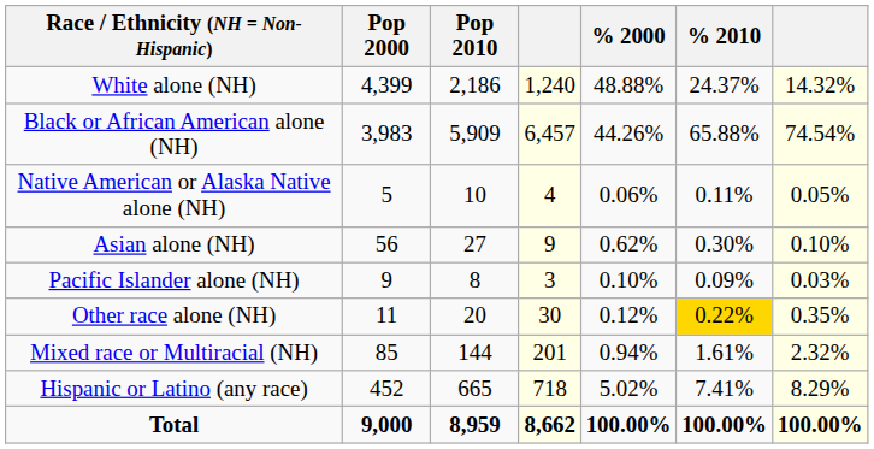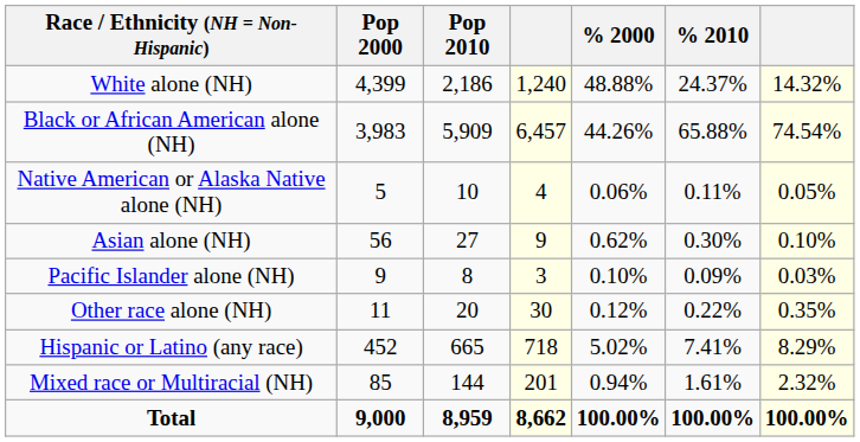 <table class="wikitable" style="text-align:center;">
 <tr>
 <th>Race / Ethnicity <small>(<em>NH = Non-Hispanic</em>)</small></th>
 <th>Pop 2000</th>
 <th>Pop 2010</th>
 <th></th>
 <th>% 2000</th>
 <th>% 2010</th>
 <th></th>
 </tr>
 <tr>
 <td><a href='#'>White</a> alone (NH)</td>
 <td>4,399</td>
 <td>2,186</td>
 <td style='background: #ffffe6;'>1,240</td>
 <td>48.88%</td>
 <td>24.37%</td>
 <td style='background: #ffffe6;'>14.32%</td>
 </tr>
 <tr>
 <td><a href='#'>Black or African American</a> alone (NH)</td>
 <td>3,983</td>
 <td>5,909</td>
 <td style='background: #ffffe6;'>6,457</td>
 <td>44.26%</td>
 <td>65.88%</td>
 <td style='background: #ffffe6;'>74.54%</td>
 </tr>
 <tr>
 <td><a href='#'>Native American</a> or <a href='#'>Alaska Native</a> alone (NH)</td>
 <td>5</td>
 <td>10</td>
 <td style='background: #ffffe6;'>4</td>
 <td>0.06%</td>
 <td>0.11%</td>
 <td style='background: #ffffe6;'>0.05%</td>
 </tr>
 <tr>
 <td><a href='#'>Asian</a> alone (NH)</td>
 <td>56</td>
 <td>27</td>
 <td style='background: #ffffe6;'>9</td>
 <td>0.62%</td>
 <td>0.30%</td>
 <td style='background: #ffffe6;'>0.10%</td>
 </tr>
 <tr>
 <td><a href='#'>Pacific Islander</a> alone (NH)</td>
 <td>9</td>
 <td>8</td>
 <td style='background: #ffffe6;'>3</td>
 <td>0.10%</td>
 <td>0.09%</td>
 <td style='background: #ffffe6;'>0.03%</td>
 </tr>
 <tr>
 <td><a href='#'>Other race</a> alone (NH)</td>
 <td>11</td>
 <td>20</td>
 <td style='background: #ffffe6;'>30</td>
 <td>0.12%</td>
-<td style="background: gold;">0.22%</td>
+<td>0.22%</td>
 <td style='background: #ffffe6;'>0.35%</td>
+</tr>
+<tr>
+<td><a href='#'>Hispanic or Latino</a> (any race)</td>
+<td>452</td>
+<td>665</td>
+<td style='background: #ffffe6;'>718</td>
+<td>5.02%</td>
+<td>7.41%</td>
+<td style='background: #ffffe6;'>8.29%</td>
 </tr>
 <tr>
 <td><a href='#'>Mixed race or Multiracial</a> (NH)</td>
 <td>85</td>
 <td>144</td>
 <td style='background: #ffffe6;'>201</td>
 <td>0.94%</td>
 <td>1.61%</td>
 <td style='background: #ffffe6;'>2.32%</td>
 </tr>
 <tr>
-<td><a href='#'>Hispanic or Latino</a> (any race)</td>
-<td>452</td>
-<td>665</td>
-<td style='background: #ffffe6;'>718</td>
-<td>5.02%</td>
-<td>7.41%</td>
-<td style='background: #ffffe6;'>8.29%</td>
-</tr>
-<tr>
 <td><strong>Total</strong></td>
 <td><strong>9,000</strong></td>
 <td><strong>8,959</strong></td>
 <td style='background: #ffffe6;'><strong>8,662</strong></td>
 <td><strong>100.00%</strong></td>
 <td><strong>100.00%</strong></td>
 <td style='background: #ffffe6;'><strong>100.00%</strong></td>
 </tr>
 </table>
